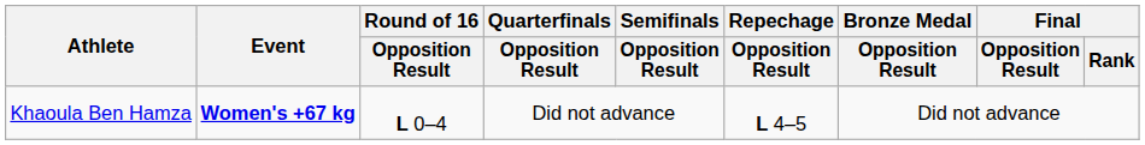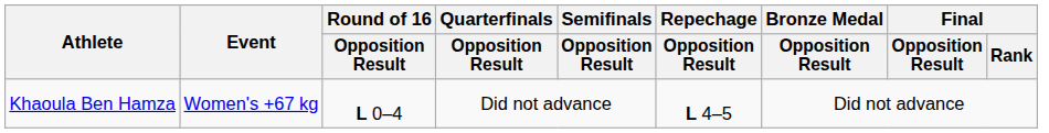 <table class="wikitable" style="font-size:90%">
 <tr>
 <th rowspan="2">Athlete</th>
 <th rowspan="2">Event</th>
 <th>Round of 16</th>
 <th>Quarterfinals</th>
 <th>Semifinals</th>
 <th>Repechage</th>
 <th>Bronze Medal</th>
 <th colspan=2>Final</th>
 </tr>
 <tr style="font-size:95%">
 <th>Opposition<br>Result</th>
 <th>Opposition<br>Result</th>
 <th>Opposition<br>Result</th>
 <th>Opposition<br>Result</th>
 <th>Opposition<br>Result</th>
 <th>Opposition<br>Result</th>
 <th>Rank</th>
 </tr>
 <tr align=center>
 <td align=left><a href='#'>Khaoula Ben Hamza</a></td>
-<td align=left><strong><a href='#'>Women's +67 kg</a></strong></td>
+<td align=left><a href='#'>Women's +67 kg</a></td>
 <td><br><strong>L</strong> 0–4</td>
 <td colspan=2>Did not advance</td>
 <td><br> <strong>L</strong> 4–5</td>
 <td colspan=3>Did not advance</td>
 </tr>
 </table>
